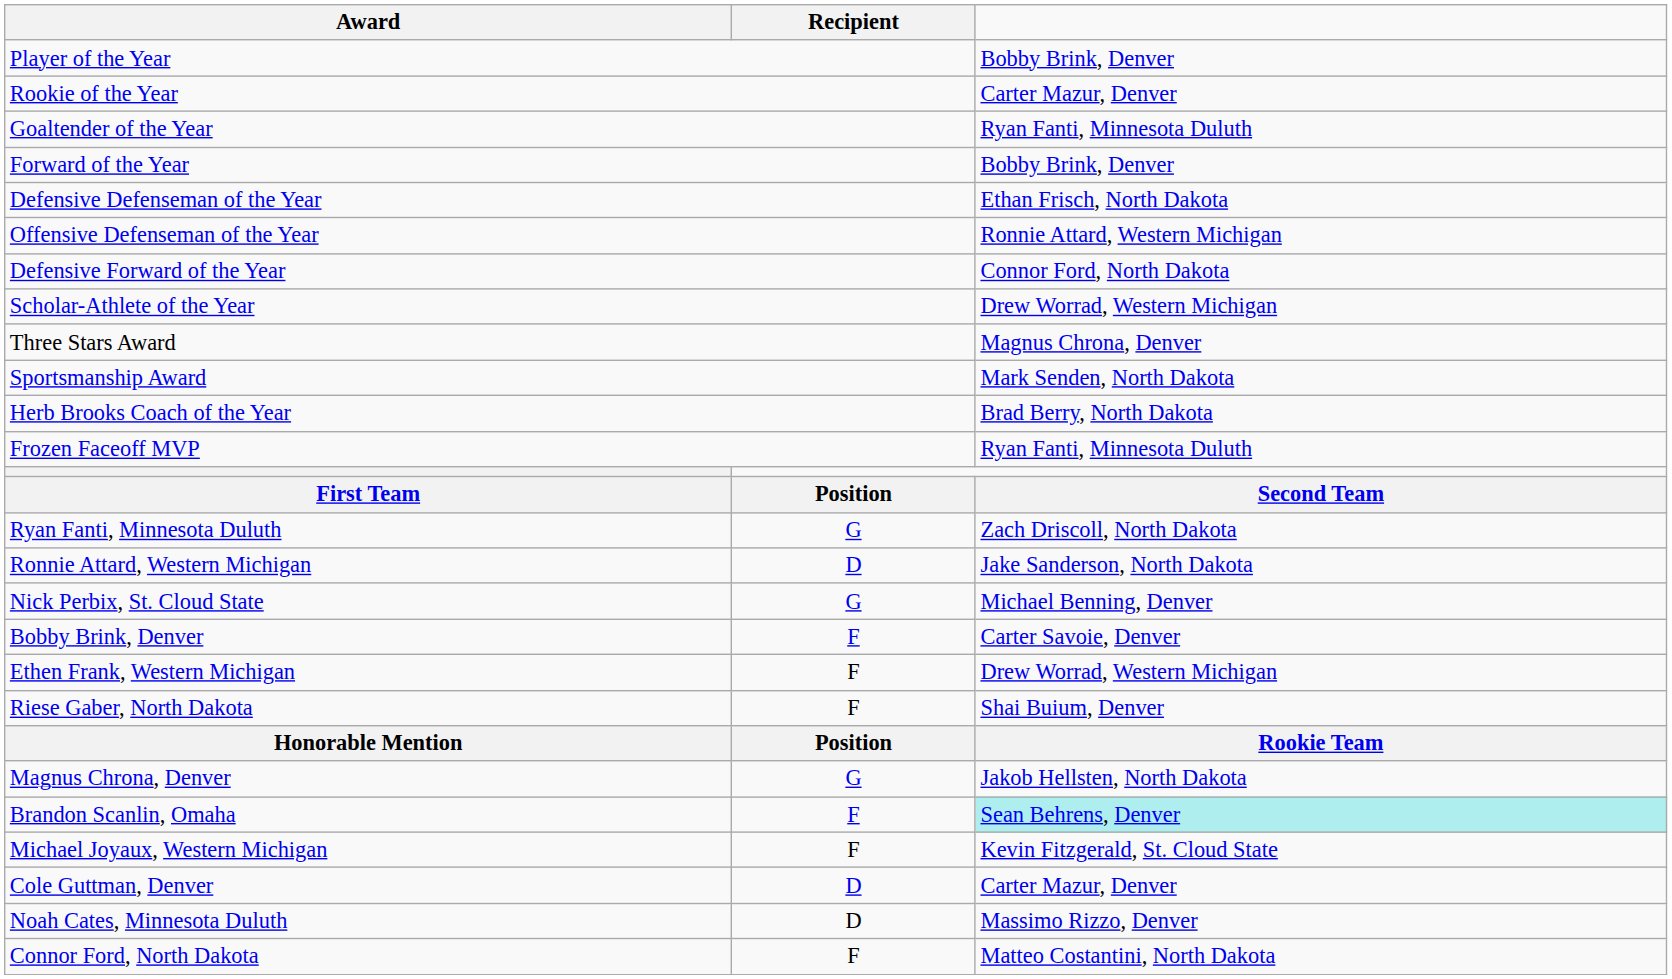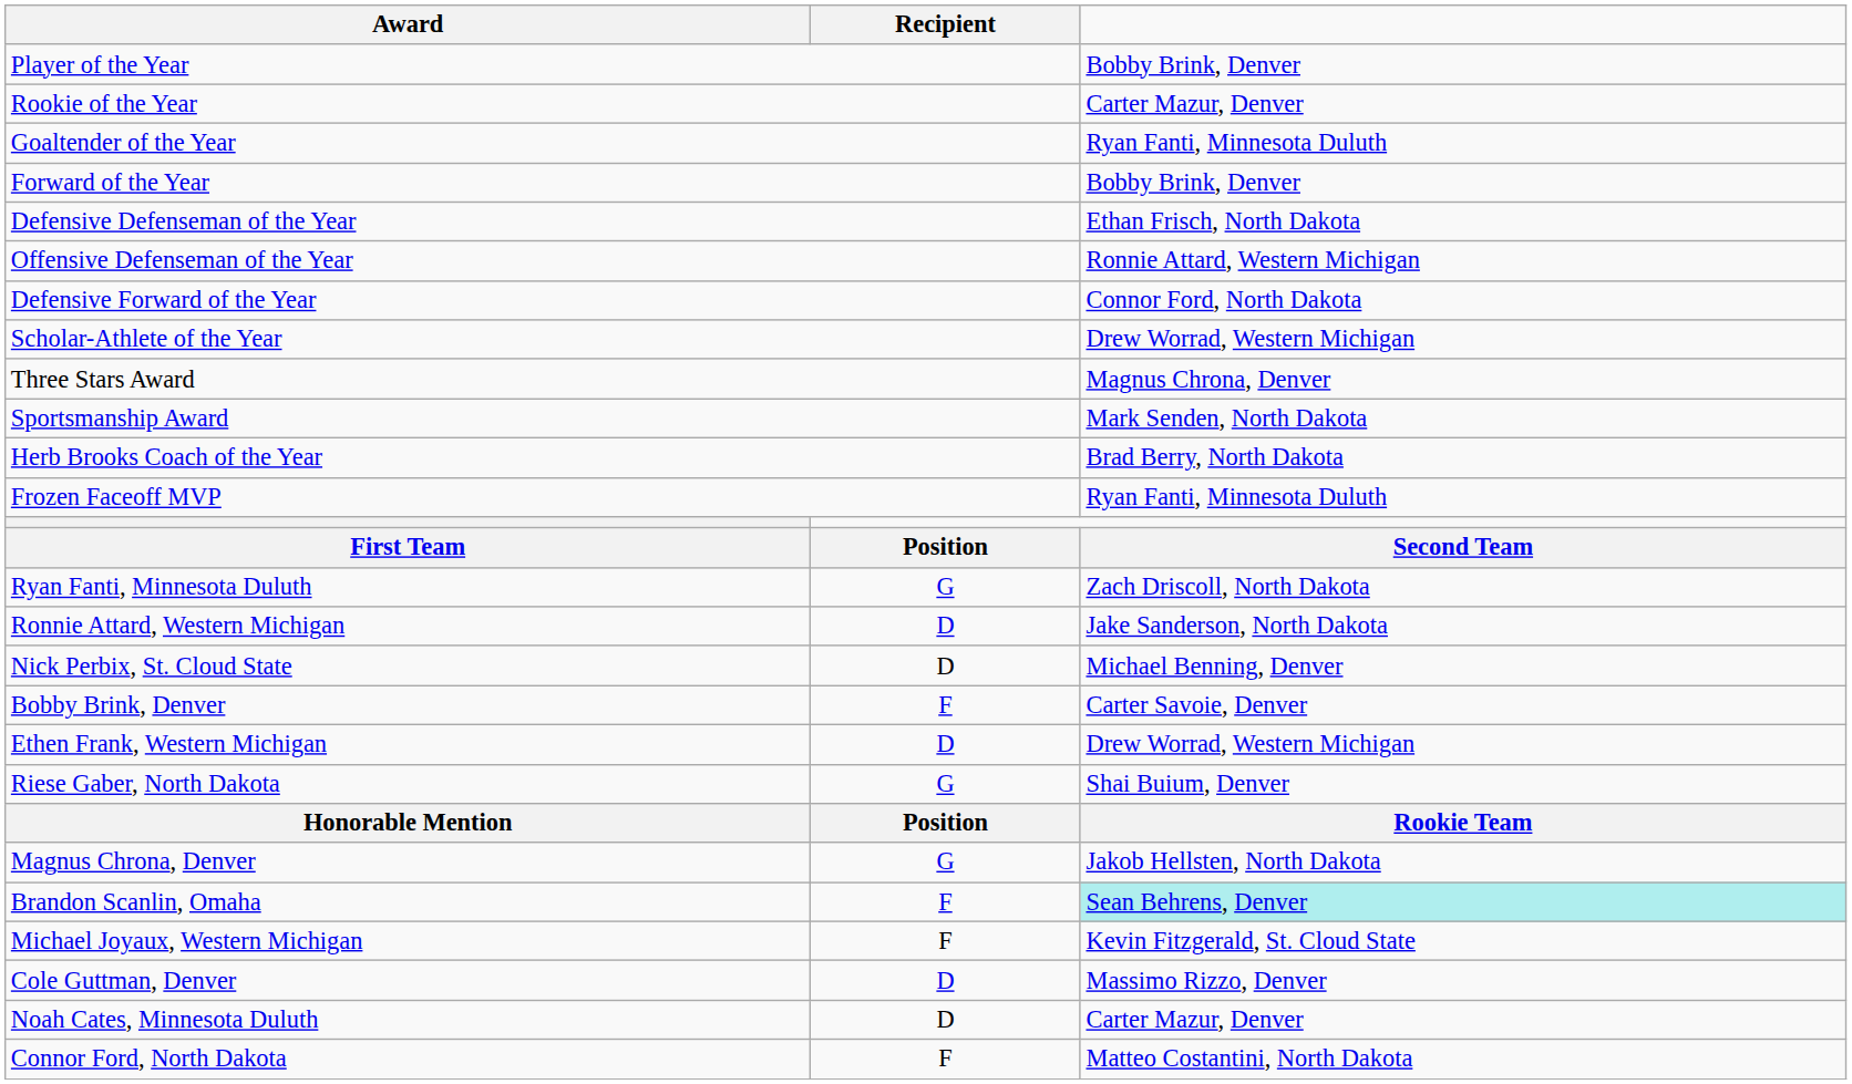 <table class="wikitable" width=75%>
 <tr>
 <th>Award</th>
 <th>Recipient </th>
 </tr>
 <tr>
 <td colspan=2><a href='#'>Player of the Year</a></td>
 <td><a href='#'>Bobby Brink</a>, <a href='#'>Denver</a></td>
 </tr>
 <tr>
 <td colspan=2><a href='#'>Rookie of the Year</a></td>
 <td><a href='#'>Carter Mazur</a>, <a href='#'>Denver</a></td>
 </tr>
 <tr>
 <td colspan=2><a href='#'>Goaltender of the Year</a></td>
 <td><a href='#'>Ryan Fanti</a>, <a href='#'>Minnesota Duluth</a></td>
 </tr>
 <tr>
 <td colspan=2><a href='#'>Forward of the Year</a></td>
 <td><a href='#'>Bobby Brink</a>, <a href='#'>Denver</a></td>
 </tr>
 <tr>
 <td colspan=2><a href='#'>Defensive Defenseman of the Year</a></td>
 <td><a href='#'>Ethan Frisch</a>, <a href='#'>North Dakota</a></td>
 </tr>
 <tr>
 <td colspan=2><a href='#'>Offensive Defenseman of the Year</a></td>
 <td><a href='#'>Ronnie Attard</a>, <a href='#'>Western Michigan</a></td>
 </tr>
 <tr>
 <td colspan=2><a href='#'>Defensive Forward of the Year</a></td>
 <td><a href='#'>Connor Ford</a>, <a href='#'>North Dakota</a></td>
 </tr>
 <tr>
 <td colspan=2><a href='#'>Scholar-Athlete of the Year</a></td>
 <td><a href='#'>Drew Worrad</a>, <a href='#'>Western Michigan</a></td>
 </tr>
 <tr>
 <td colspan=2>Three Stars Award</td>
 <td><a href='#'>Magnus Chrona</a>, <a href='#'>Denver</a></td>
 </tr>
 <tr>
 <td colspan=2><a href='#'>Sportsmanship Award</a></td>
 <td><a href='#'>Mark Senden</a>, <a href='#'>North Dakota</a></td>
 </tr>
 <tr>
 <td colspan=2><a href='#'>Herb Brooks Coach of the Year</a></td>
 <td><a href='#'>Brad Berry</a>, <a href='#'>North Dakota</a></td>
 </tr>
 <tr>
 <td colspan=2><a href='#'>Frozen Faceoff MVP</a></td>
 <td><a href='#'>Ryan Fanti</a>, <a href='#'>Minnesota Duluth</a></td>
 </tr>
 <tr>
 <th><a href='#'></a></th>
 </tr>
 <tr>
 <th><a href='#'>First Team</a></th>
 <th>  Position  </th>
 <th><a href='#'>Second Team</a></th>
 </tr>
 <tr>
 <td><a href='#'>Ryan Fanti</a>, <a href='#'>Minnesota Duluth</a></td>
 <td align=center><a href='#'>G</a></td>
 <td><a href='#'>Zach Driscoll</a>, <a href='#'>North Dakota</a></td>
 </tr>
 <tr>
 <td><a href='#'>Ronnie Attard</a>, <a href='#'>Western Michigan</a></td>
 <td align=center><a href='#'>D</a></td>
 <td><a href='#'>Jake Sanderson</a>, <a href='#'>North Dakota</a></td>
 </tr>
 <tr>
 <td><a href='#'>Nick Perbix</a>, <a href='#'>St. Cloud State</a></td>
-<td align=center><a href='#'>G</a></td>
+<td align=center>D</td>
 <td><a href='#'>Michael Benning</a>, <a href='#'>Denver</a></td>
 </tr>
 <tr>
 <td><a href='#'>Bobby Brink</a>, <a href='#'>Denver</a></td>
 <td align=center><a href='#'>F</a></td>
 <td><a href='#'>Carter Savoie</a>, <a href='#'>Denver</a></td>
 </tr>
 <tr>
 <td><a href='#'>Ethen Frank</a>, <a href='#'>Western Michigan</a></td>
-<td align=center>F</td>
+<td align=center><a href='#'>D</a></td>
 <td><a href='#'>Drew Worrad</a>, <a href='#'>Western Michigan</a></td>
 </tr>
 <tr>
 <td><a href='#'>Riese Gaber</a>, <a href='#'>North Dakota</a></td>
-<td align=center>F</td>
+<td align=center><a href='#'>G</a></td>
 <td><a href='#'>Shai Buium</a>, <a href='#'>Denver</a></td>
 </tr>
 <tr>
 <th>Honorable Mention</th>
 <th>  Position  </th>
 <th><a href='#'>Rookie Team</a></th>
 </tr>
 <tr>
 <td><a href='#'>Magnus Chrona</a>, <a href='#'>Denver</a></td>
 <td align=center><a href='#'>G</a></td>
 <td><a href='#'>Jakob Hellsten</a>, <a href='#'>North Dakota</a></td>
 </tr>
 <tr>
 <td><a href='#'>Brandon Scanlin</a>, <a href='#'>Omaha</a></td>
 <td align=center><a href='#'>F</a></td>
 <td style="background: paleturquoise;"><a href='#'>Sean Behrens</a>, <a href='#'>Denver</a></td>
 </tr>
 <tr>
 <td><a href='#'>Michael Joyaux</a>, <a href='#'>Western Michigan</a></td>
 <td align=center>F</td>
 <td><a href='#'>Kevin Fitzgerald</a>, <a href='#'>St. Cloud State</a></td>
 </tr>
 <tr>
 <td><a href='#'>Cole Guttman</a>, <a href='#'>Denver</a></td>
 <td align=center><a href='#'>D</a></td>
-<td><a href='#'>Carter Mazur</a>, <a href='#'>Denver</a></td>
+<td><a href='#'>Massimo Rizzo</a>, <a href='#'>Denver</a></td>
 </tr>
 <tr>
 <td><a href='#'>Noah Cates</a>, <a href='#'>Minnesota Duluth</a></td>
 <td align=center>D</td>
-<td><a href='#'>Massimo Rizzo</a>, <a href='#'>Denver</a></td>
+<td><a href='#'>Carter Mazur</a>, <a href='#'>Denver</a></td>
 </tr>
 <tr>
 <td><a href='#'>Connor Ford</a>, <a href='#'>North Dakota</a></td>
 <td align=center>F</td>
 <td><a href='#'>Matteo Costantini</a>, <a href='#'>North Dakota</a></td>
 </tr>
 <tr>
 </tr>
 </table>
